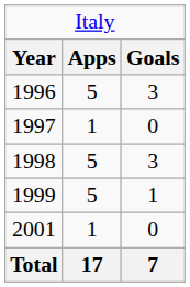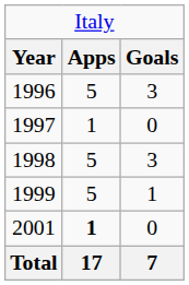 <table class="wikitable" style="text-align:center">
 <tr>
 <td colspan="3"><a href='#'>Italy</a></td>
 </tr>
 <tr>
 <th>Year</th>
 <th>Apps</th>
 <th>Goals</th>
 </tr>
 <tr>
 <td>1996</td>
 <td>5</td>
 <td>3</td>
 </tr>
 <tr>
 <td>1997</td>
 <td>1</td>
 <td>0</td>
 </tr>
 <tr>
 <td>1998</td>
 <td>5</td>
 <td>3</td>
 </tr>
 <tr>
 <td>1999</td>
 <td>5</td>
 <td>1</td>
 </tr>
 <tr>
 <td>2001</td>
-<td>1</td>
+<td><strong>1</strong></td>
 <td>0</td>
 </tr>
 <tr>
 <th>Total</th>
 <th>17</th>
 <th>7</th>
 </tr>
 </table>
